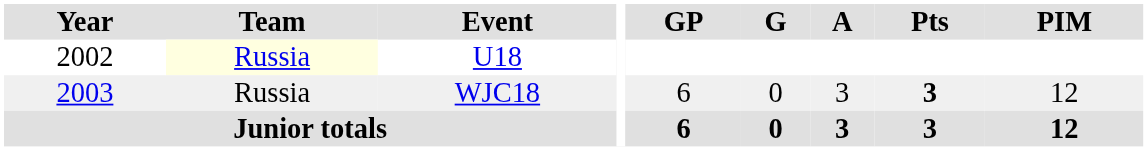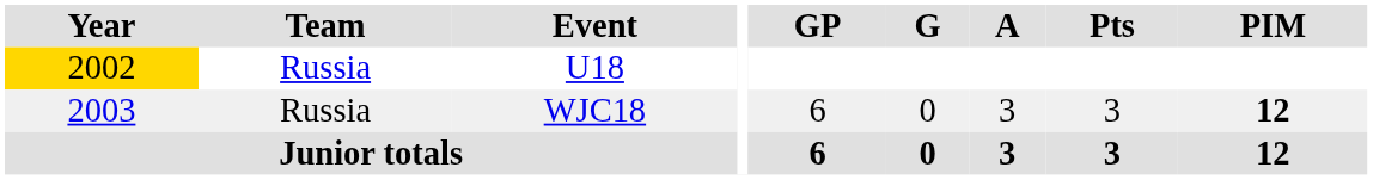 <table border="0" cellpadding="1" cellspacing="0" ID="Table3" style="text-align:center; width:40em">
 <tr ALIGN="center" bgcolor="#e0e0e0">
 <th>Year</th>
 <th>Team</th>
 <th>Event</th>
 <th rowspan="99" bgcolor="#ffffff"></th>
 <th>GP</th>
 <th>G</th>
 <th>A</th>
 <th>Pts</th>
 <th>PIM</th>
 </tr>
 <tr>
-<td>2002</td>
-<td style="background: lightyellow;"><a href='#'>Russia</a></td>
+<td style="background: gold;">2002</td>
+<td><a href='#'>Russia</a></td>
 <td><a href='#'>U18</a></td>
 <td></td>
 <td></td>
 <td></td>
 <td></td>
 <td></td>
 </tr>
 <tr bgcolor="#f0f0f0">
 <td><a href='#'>2003</a></td>
 <td>Russia</td>
 <td><a href='#'>WJC18</a></td>
 <td>6</td>
 <td>0</td>
 <td>3</td>
-<td><strong>3</strong></td>
-<td>12</td>
+<td>3</td>
+<td><strong>12</strong></td>
 </tr>
 <tr bgcolor="#e0e0e0">
 <th colspan="3">Junior totals</th>
 <th>6</th>
 <th>0</th>
 <th>3</th>
 <th>3</th>
 <th>12</th>
 </tr>
 </table>
